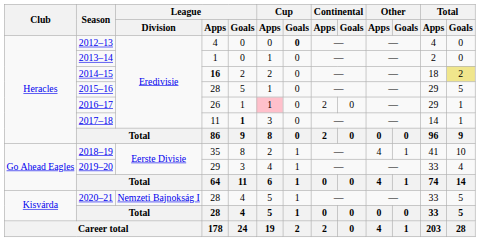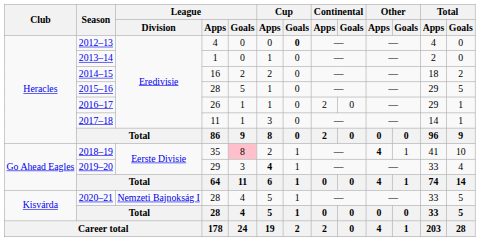 <table class="wikitable" style="text-align:center">
 <tr>
 <th rowspan="2">Club</th>
 <th rowspan="2">Season</th>
 <th colspan="3">League</th>
 <th colspan="2">Cup</th>
 <th colspan="2">Continental</th>
 <th colspan="2">Other</th>
 <th colspan="2">Total</th>
 </tr>
 <tr>
 <th>Division</th>
 <th>Apps</th>
 <th>Goals</th>
 <th>Apps</th>
 <th>Goals</th>
 <th>Apps</th>
 <th>Goals</th>
 <th>Apps</th>
 <th>Goals</th>
 <th>Apps</th>
 <th>Goals</th>
 </tr>
 <tr>
 <td rowspan="7"><a href='#'>Heracles</a></td>
 <td><a href='#'>2012–13</a></td>
 <td rowspan="6"><a href='#'>Eredivisie</a></td>
 <td>4</td>
 <td>0</td>
 <td>0</td>
 <td><strong>0</strong></td>
 <td colspan="2">—</td>
 <td colspan="2">—</td>
 <td>4</td>
 <td>0</td>
 </tr>
 <tr>
 <td><a href='#'>2013–14</a></td>
 <td>1</td>
 <td>0</td>
 <td>1</td>
 <td>0</td>
 <td colspan="2">—</td>
 <td colspan="2">—</td>
 <td>2</td>
 <td>0</td>
 </tr>
 <tr>
 <td><a href='#'>2014–15</a></td>
-<td><strong>16</strong></td>
+<td>16</td>
 <td>2</td>
 <td>2</td>
 <td>0</td>
 <td colspan="2">—</td>
 <td colspan="2">—</td>
 <td>18</td>
-<td style="background: khaki;">2</td>
+<td>2</td>
 </tr>
 <tr>
 <td><a href='#'>2015–16</a></td>
 <td>28</td>
 <td>5</td>
 <td>1</td>
 <td>0</td>
 <td colspan="2">—</td>
 <td colspan="2">—</td>
 <td>29</td>
 <td>5</td>
 </tr>
 <tr>
 <td><a href='#'>2016–17</a></td>
 <td>26</td>
 <td>1</td>
-<td style="background: pink;">1</td>
+<td>1</td>
 <td>0</td>
 <td>2</td>
 <td>0</td>
 <td colspan="2">—</td>
 <td>29</td>
 <td>1</td>
 </tr>
 <tr>
 <td><a href='#'>2017–18</a></td>
 <td>11</td>
-<td><strong>1</strong></td>
+<td>1</td>
 <td>3</td>
 <td>0</td>
 <td colspan="2">—</td>
 <td colspan="2">—</td>
 <td>14</td>
 <td>1</td>
 </tr>
 <tr>
 <th colspan="2">Total</th>
 <th>86</th>
 <th>9</th>
 <th>8</th>
 <th>0</th>
 <th>2</th>
 <th>0</th>
 <th>0</th>
 <th>0</th>
 <th>96</th>
 <th>9</th>
 </tr>
 <tr>
 <td rowspan="3"><a href='#'>Go Ahead Eagles</a></td>
 <td><a href='#'>2018–19</a></td>
 <td rowspan="2"><a href='#'>Eerste Divisie</a></td>
 <td>35</td>
-<td>8</td>
+<td style="background: pink;">8</td>
 <td>2</td>
 <td>1</td>
 <td colspan="2">—</td>
-<td>4</td>
+<td><strong>4</strong></td>
 <td>1</td>
 <td>41</td>
 <td>10</td>
 </tr>
 <tr>
 <td><a href='#'>2019–20</a></td>
 <td>29</td>
 <td>3</td>
-<td>4</td>
+<td><strong>4</strong></td>
 <td>1</td>
 <td colspan="2">—</td>
 <td colspan="2">—</td>
 <td>33</td>
 <td>4</td>
 </tr>
 <tr>
 <th colspan="2">Total</th>
 <th>64</th>
 <th>11</th>
 <th>6</th>
 <th>1</th>
 <th>0</th>
 <th>0</th>
 <th>4</th>
 <th>1</th>
 <th>74</th>
 <th>14</th>
 </tr>
 <tr>
 <td rowspan="2"><a href='#'>Kisvárda</a></td>
 <td><a href='#'>2020–21</a></td>
 <td><a href='#'>Nemzeti Bajnokság I</a></td>
 <td>28</td>
 <td>4</td>
 <td>5</td>
 <td>1</td>
 <td colspan="2">—</td>
 <td colspan="2">—</td>
 <td>33</td>
 <td>5</td>
 </tr>
 <tr>
 <th colspan="2">Total</th>
 <th>28</th>
 <th>4</th>
 <th>5</th>
 <th>1</th>
 <th>0</th>
 <th>0</th>
 <th>0</th>
 <th>0</th>
 <th>33</th>
 <th>5</th>
 </tr>
 <tr>
 <th colspan="3">Career total</th>
 <th>178</th>
 <th>24</th>
 <th>19</th>
 <th>2</th>
 <th>2</th>
 <th>0</th>
 <th>4</th>
 <th>1</th>
 <th>203</th>
 <th>28</th>
 </tr>
 </table>
